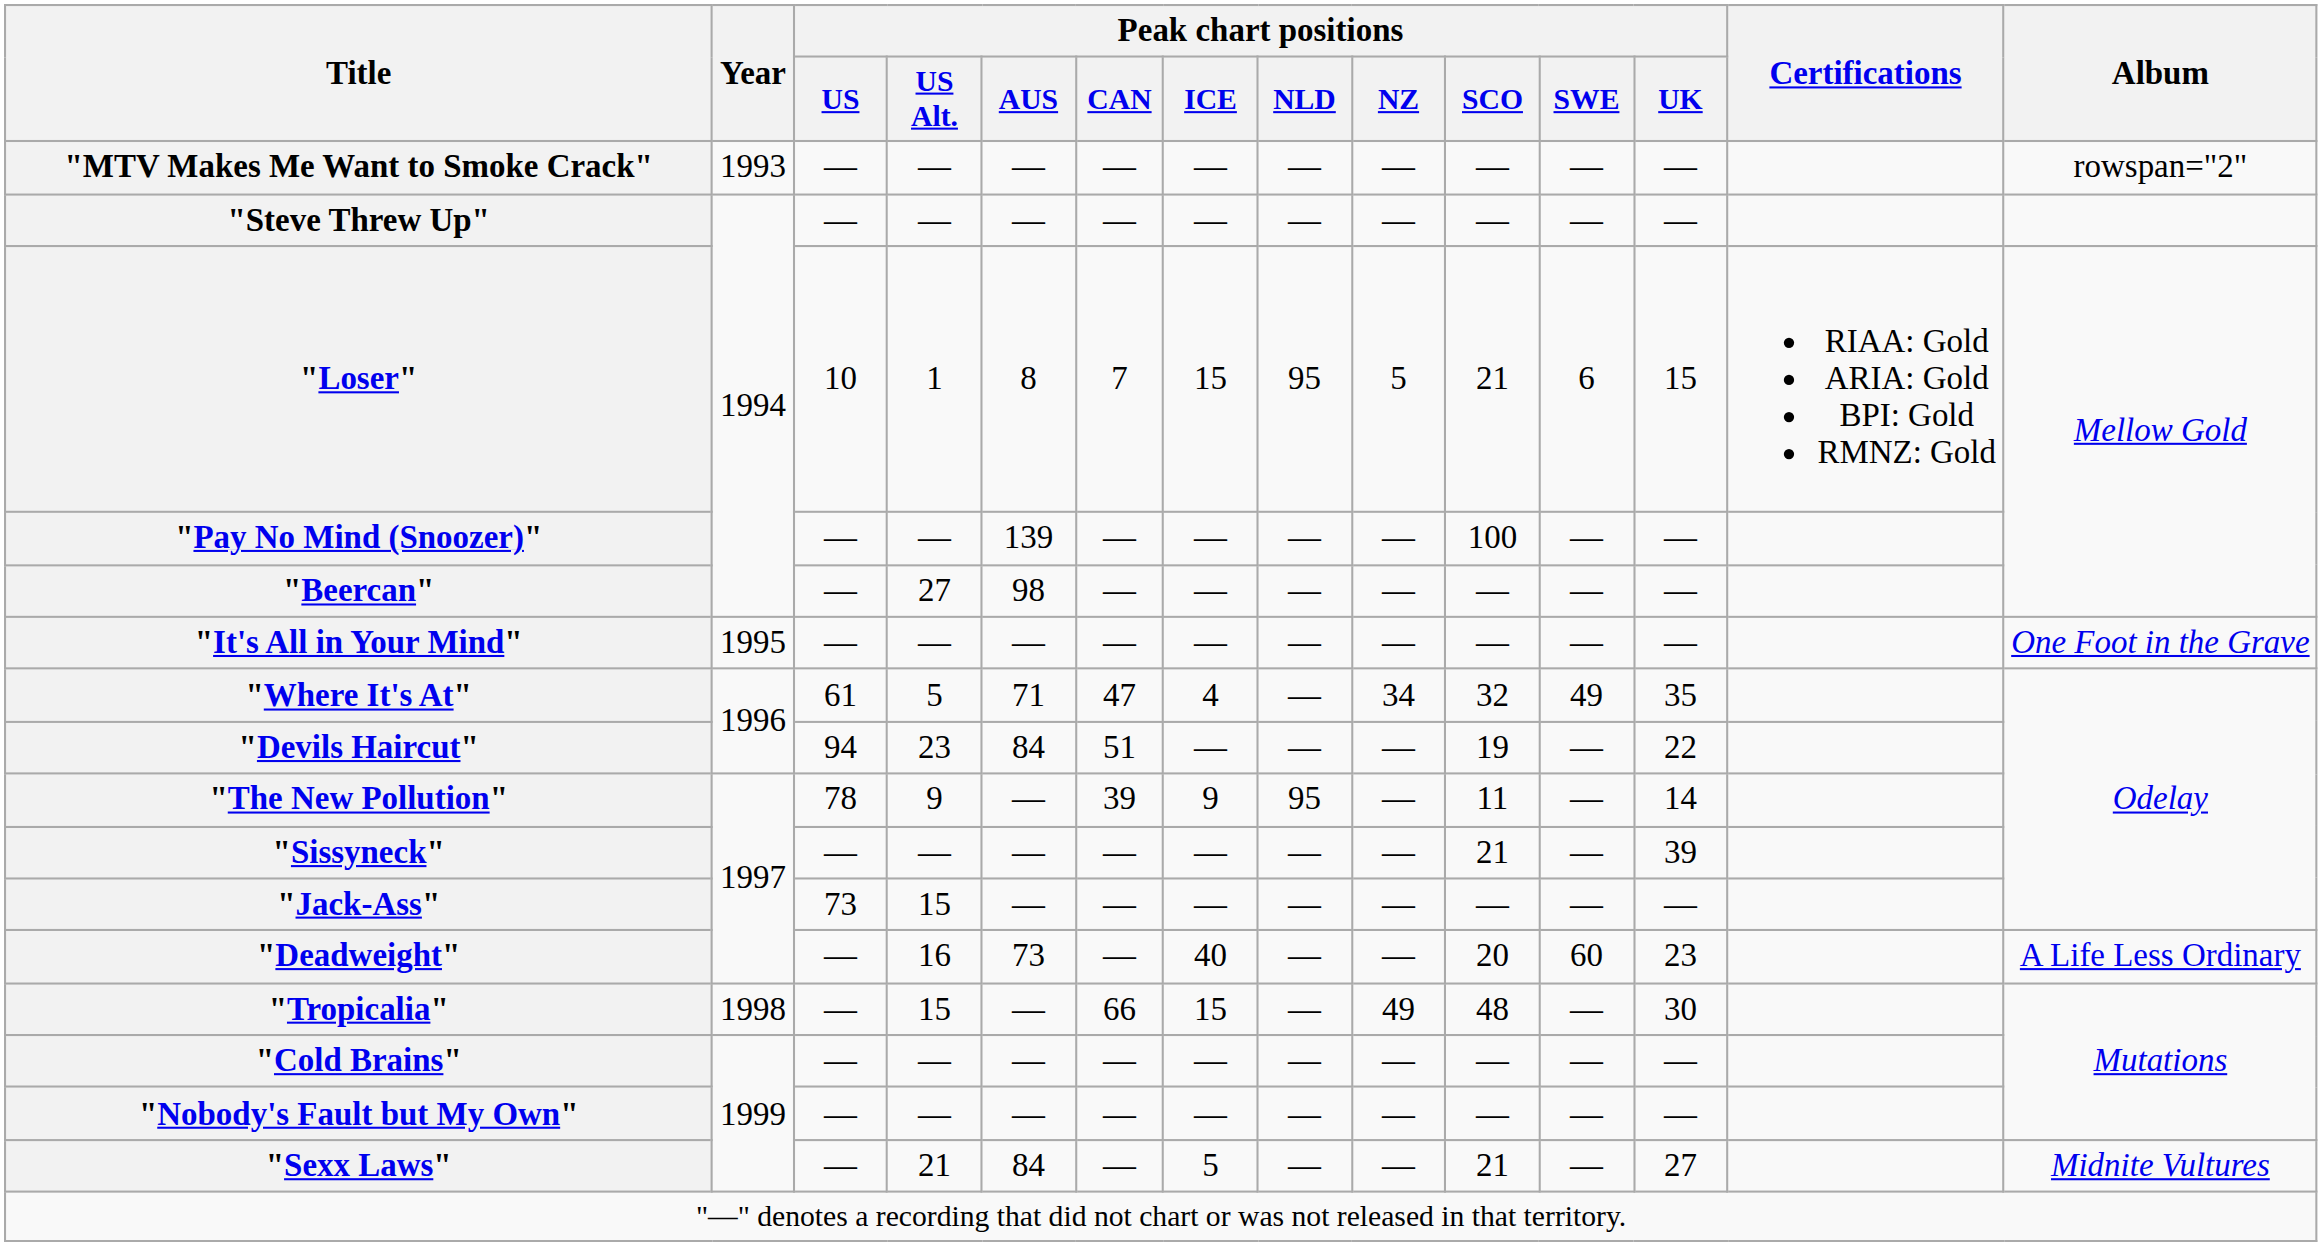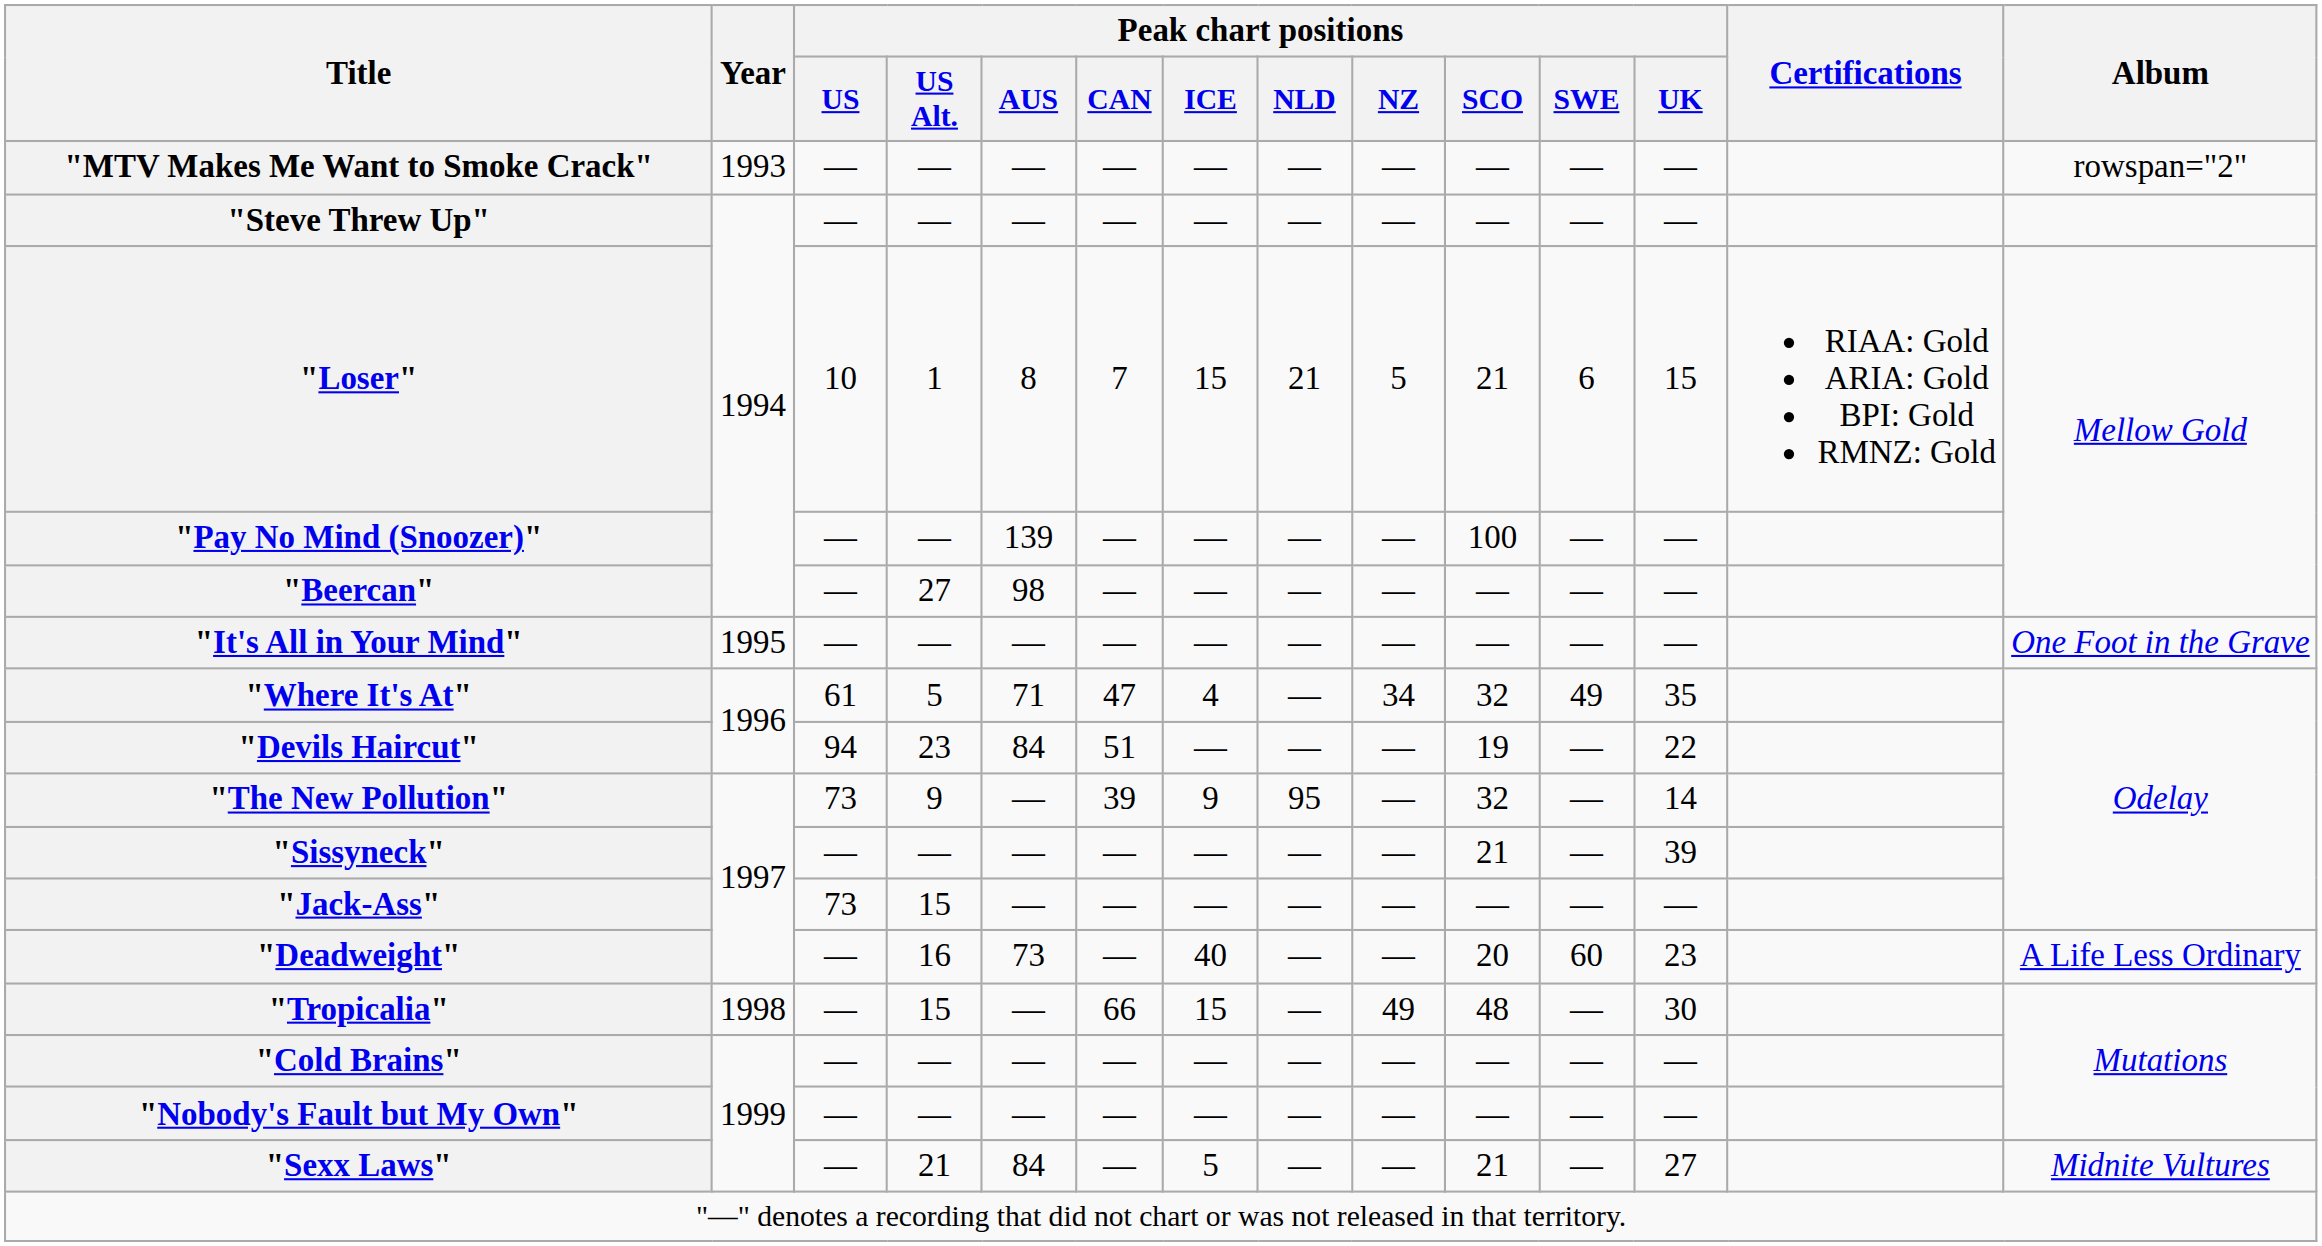 <table class="wikitable plainrowheaders" style="text-align:center">
 <tr>
 <th scope="col" rowspan="2" style="width:21em;">Title</th>
 <th scope="col" rowspan="2">Year</th>
 <th scope="col" colspan="10">Peak chart positions</th>
 <th scope="col" rowspan="2"><a href='#'>Certifications</a></th>
 <th scope="col" rowspan="2">Album</th>
 </tr>
 <tr>
 <th scope="col" style="width:2.7em;font-size:90%;"><a href='#'>US</a><br></th>
 <th scope="col" style="width:2.7em;font-size:90%;"><a href='#'>US<br>Alt.</a><br></th>
 <th scope="col" style="width:2.7em;font-size:90%;"><a href='#'>AUS</a><br></th>
 <th scope="col" style="width:2.5em;font-size:90%;"><a href='#'>CAN</a><br></th>
 <th scope="col" style="width:2.7em;font-size:90%;"><a href='#'>ICE</a><br></th>
 <th scope="col" style="width:2.7em;font-size:90%;"><a href='#'>NLD</a><br></th>
 <th scope="col" style="width:2.7em;font-size:90%;"><a href='#'>NZ</a><br></th>
 <th scope="col" style="width:2.7em;font-size:90%;"><a href='#'>SCO</a><br></th>
 <th scope="col" style="width:2.7em;font-size:90%;"><a href='#'>SWE</a><br></th>
 <th scope="col" style="width:2.7em;font-size:90%;"><a href='#'>UK</a><br></th>
 </tr>
 <tr>
 <th scope="row">"MTV Makes Me Want to Smoke Crack"</th>
 <td>1993</td>
 <td>—</td>
 <td>—</td>
 <td>—</td>
 <td>—</td>
 <td>—</td>
 <td>—</td>
 <td>—</td>
 <td>—</td>
 <td>—</td>
 <td>—</td>
 <td></td>
 <td>rowspan="2" </td>
 </tr>
 <tr>
 <th scope="row">"Steve Threw Up"</th>
 <td rowspan="4">1994</td>
 <td>—</td>
 <td>—</td>
 <td>—</td>
 <td>—</td>
 <td>—</td>
 <td>—</td>
 <td>—</td>
 <td>—</td>
 <td>—</td>
 <td>—</td>
 <td></td>
 </tr>
 <tr>
 <th scope="row">"<a href='#'>Loser</a>"</th>
 <td>10</td>
 <td>1</td>
 <td>8</td>
 <td>7</td>
 <td>15</td>
-<td>95</td>
+<td>21</td>
 <td>5</td>
 <td>21</td>
 <td>6</td>
 <td>15</td>
 <td><br><ul><li>RIAA: Gold</li><li>ARIA: Gold</li><li>BPI: Gold</li><li>RMNZ: Gold</li></ul></td>
 <td rowspan="3"><em><a href='#'>Mellow Gold</a></em></td>
 </tr>
 <tr>
 <th scope="row">"<a href='#'>Pay No Mind (Snoozer)</a>"</th>
 <td>—</td>
 <td>—</td>
 <td>139</td>
 <td>—</td>
 <td>—</td>
 <td>—</td>
 <td>—</td>
 <td>100</td>
 <td>—</td>
 <td>—</td>
 <td></td>
 </tr>
 <tr>
 <th scope="row">"<a href='#'>Beercan</a>"</th>
 <td>—</td>
 <td>27</td>
 <td>98</td>
 <td>—</td>
 <td>—</td>
 <td>—</td>
 <td>—</td>
 <td>—</td>
 <td>—</td>
 <td>—</td>
 <td></td>
 </tr>
 <tr>
 <th scope="row">"<a href='#'>It's All in Your Mind</a>"</th>
 <td>1995</td>
 <td>—</td>
 <td>—</td>
 <td>—</td>
 <td>—</td>
 <td>—</td>
 <td>—</td>
 <td>—</td>
 <td>—</td>
 <td>—</td>
 <td>—</td>
 <td></td>
 <td><em><a href='#'>One Foot in the Grave</a></em></td>
 </tr>
 <tr>
 <th scope="row">"<a href='#'>Where It's At</a>"</th>
 <td rowspan="2">1996</td>
 <td>61</td>
 <td>5</td>
 <td>71</td>
 <td>47</td>
 <td>4</td>
 <td>—</td>
 <td>34</td>
 <td>32</td>
 <td>49</td>
 <td>35</td>
 <td></td>
 <td rowspan="5"><em><a href='#'>Odelay</a></em></td>
 </tr>
 <tr>
 <th scope="row">"<a href='#'>Devils Haircut</a>"</th>
 <td>94</td>
 <td>23</td>
 <td>84</td>
 <td>51</td>
 <td>—</td>
 <td>—</td>
 <td>—</td>
 <td>19</td>
 <td>—</td>
 <td>22</td>
 <td></td>
 </tr>
 <tr>
 <th scope="row">"<a href='#'>The New Pollution</a>"</th>
 <td rowspan="4">1997</td>
-<td>78</td>
+<td>73</td>
 <td>9</td>
 <td>—</td>
 <td>39</td>
 <td>9</td>
 <td>95</td>
 <td>—</td>
-<td>11</td>
+<td>32</td>
 <td>—</td>
 <td>14</td>
 <td></td>
 </tr>
 <tr>
 <th scope="row">"<a href='#'>Sissyneck</a>"</th>
 <td>—</td>
 <td>—</td>
 <td>—</td>
 <td>—</td>
 <td>—</td>
 <td>—</td>
 <td>—</td>
 <td>21</td>
 <td>—</td>
 <td>39</td>
 <td></td>
 </tr>
 <tr>
 <th scope="row">"<a href='#'>Jack-Ass</a>"</th>
 <td>73</td>
 <td>15</td>
 <td>—</td>
 <td>—</td>
 <td>—</td>
 <td>—</td>
 <td>—</td>
 <td>—</td>
 <td>—</td>
 <td>—</td>
 <td></td>
 </tr>
 <tr>
 <th scope="row">"<a href='#'>Deadweight</a>"</th>
 <td>—</td>
 <td>16</td>
 <td>73</td>
 <td>—</td>
 <td>40</td>
 <td>—</td>
 <td>—</td>
 <td>20</td>
 <td>60</td>
 <td>23</td>
 <td></td>
 <td><a href='#'>A Life Less Ordinary</a></td>
 </tr>
 <tr>
 <th scope="row">"<a href='#'>Tropicalia</a>"</th>
 <td>1998</td>
 <td>—</td>
 <td>15</td>
 <td>—</td>
 <td>66</td>
 <td>15</td>
 <td>—</td>
 <td>49</td>
 <td>48</td>
 <td>—</td>
 <td>30</td>
 <td></td>
 <td rowspan="3"><em><a href='#'>Mutations</a></em></td>
 </tr>
 <tr>
 <th scope="row">"<a href='#'>Cold Brains</a>"</th>
 <td rowspan="3">1999</td>
 <td>—</td>
 <td>—</td>
 <td>—</td>
 <td>—</td>
 <td>—</td>
 <td>—</td>
 <td>—</td>
 <td>—</td>
 <td>—</td>
 <td>—</td>
 <td></td>
 </tr>
 <tr>
 <th scope="row">"<a href='#'>Nobody's Fault but My Own</a>"</th>
 <td>—</td>
 <td>—</td>
 <td>—</td>
 <td>—</td>
 <td>—</td>
 <td>—</td>
 <td>—</td>
 <td>—</td>
 <td>—</td>
 <td>—</td>
 <td></td>
 </tr>
 <tr>
 <th scope="row">"<a href='#'>Sexx Laws</a>"</th>
 <td>—</td>
 <td>21</td>
 <td>84</td>
 <td>—</td>
 <td>5</td>
 <td>—</td>
 <td>—</td>
 <td>21</td>
 <td>—</td>
 <td>27</td>
 <td></td>
 <td><em><a href='#'>Midnite Vultures</a></em></td>
 </tr>
 <tr>
 <td colspan="14" style="font-size:90%">"—" denotes a recording that did not chart or was not released in that territory.</td>
 </tr>
 </table>
